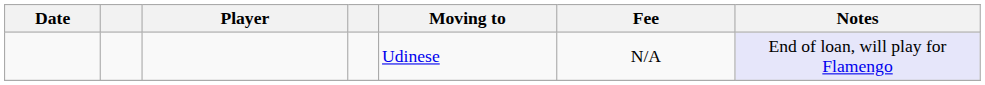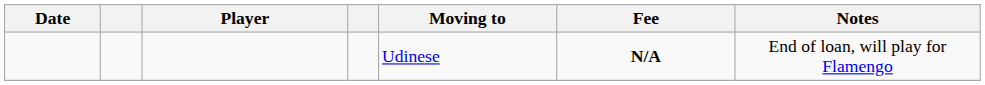 <table class="wikitable sortable">
 <tr>
 <th style="width:80px;">Date</th>
 <th style="width:30px;"></th>
 <th style="width:180px;">Player</th>
 <th style="width:20px;"></th>
 <th style="width:155px;">Moving to</th>
 <th style="width:155px;" class="unsortable">Fee</th>
 <th style="width:215px;" class="unsortable">Notes</th>
 </tr>
 <tr>
 <td></td>
 <td align=center></td>
 <td> </td>
 <td></td>
 <td> <a href='#'>Udinese</a></td>
-<td align=center>N/A</td>
-<td align=center style="background: lavender;">End of loan, will play for <a href='#'>Flamengo</a></td>
+<td align=center><strong>N/A</strong></td>
+<td align=center>End of loan, will play for <a href='#'>Flamengo</a></td>
 </tr>
 <tr>
 </tr>
 </table>
